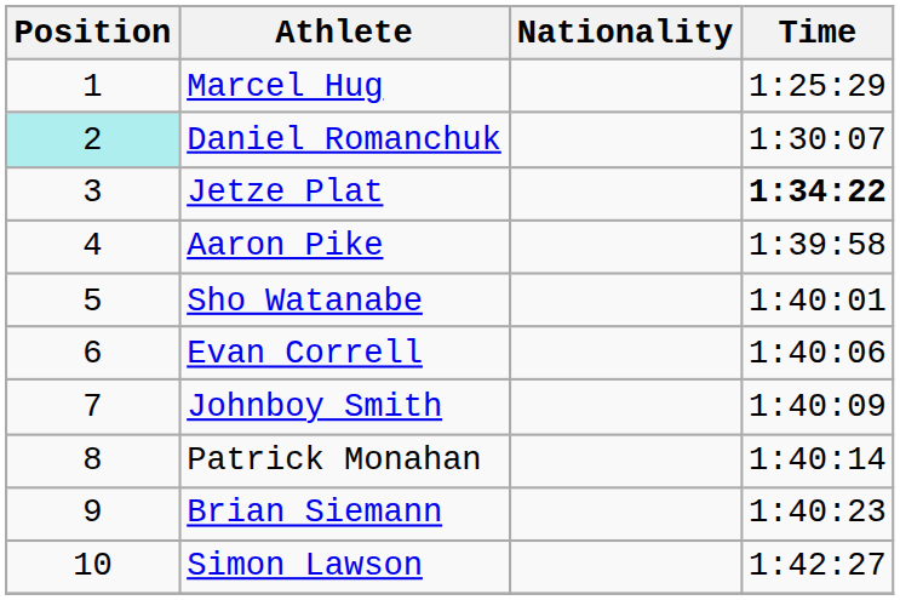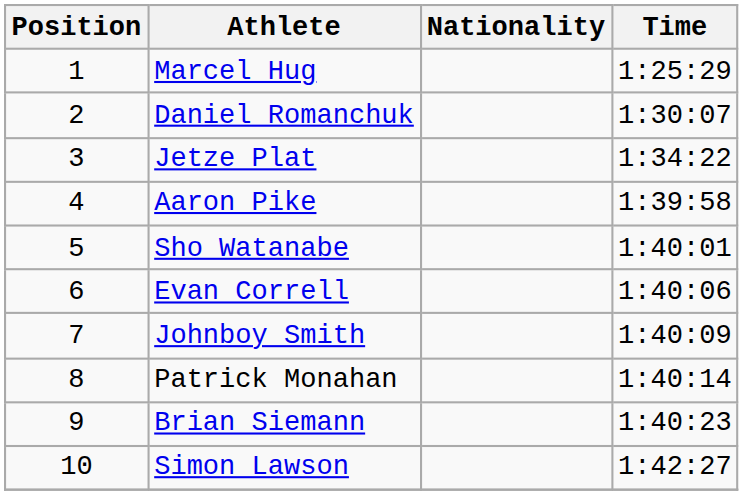 <table class="wikitable sortable">
 <tr>
 <th scope="col">Position</th>
 <th scope="col">Athlete</th>
 <th scope="col">Nationality</th>
 <th scope="col">Time</th>
 </tr>
 <tr>
 <td !scope=row align=center>1</td>
 <td><a href='#'>Marcel Hug</a></td>
 <td></td>
 <td>1:25:29</td>
 </tr>
 <tr>
-<td !scope=row align=center style="background: paleturquoise;">2</td>
+<td !scope=row align=center>2</td>
 <td><a href='#'>Daniel Romanchuk</a></td>
 <td></td>
 <td>1:30:07</td>
 </tr>
 <tr>
 <td !scope=row align=center>3</td>
 <td><a href='#'>Jetze Plat</a></td>
 <td></td>
-<td><strong>1:34:22</strong></td>
+<td>1:34:22</td>
 </tr>
 <tr>
 <td !scope=row align=center>4</td>
 <td><a href='#'>Aaron Pike</a></td>
 <td></td>
 <td>1:39:58</td>
 </tr>
 <tr>
 <td !scope=row align=center>5</td>
 <td><a href='#'>Sho Watanabe</a></td>
 <td></td>
 <td>1:40:01</td>
 </tr>
 <tr>
 <td !scope=row align=center>6</td>
 <td><a href='#'>Evan Correll</a></td>
 <td></td>
 <td>1:40:06</td>
 </tr>
 <tr>
 <td !scope=row align=center>7</td>
 <td><a href='#'>Johnboy Smith</a></td>
 <td></td>
 <td>1:40:09</td>
 </tr>
 <tr>
 <td !scope=row align=center>8</td>
 <td>Patrick Monahan</td>
 <td></td>
 <td>1:40:14</td>
 </tr>
 <tr>
 <td !scope=row align=center>9</td>
 <td><a href='#'>Brian Siemann</a></td>
 <td></td>
 <td>1:40:23</td>
 </tr>
 <tr>
 <td !scope=row align=center>10</td>
 <td><a href='#'>Simon Lawson</a></td>
 <td></td>
 <td>1:42:27</td>
 </tr>
 <tr>
 </tr>
 </table>
